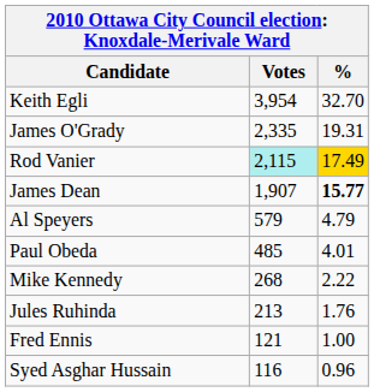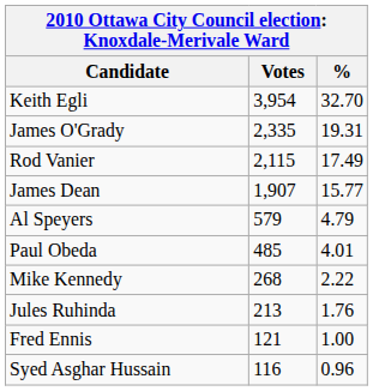 <table class="wikitable">
 <tr>
 <th colspan="3"><a href='#'>2010 Ottawa City Council election</a>: <a href='#'>Knoxdale-Merivale Ward</a></th>
 </tr>
 <tr>
 <th style="width: 200px">Candidate</th>
 <th style="width: 50px">Votes</th>
 <th style="width: 30px">%</th>
 </tr>
 <tr>
 <td>Keith Egli</td>
 <td>3,954</td>
 <td>32.70</td>
 </tr>
 <tr>
 <td>James O'Grady</td>
 <td>2,335</td>
 <td>19.31</td>
 </tr>
 <tr>
 <td>Rod Vanier</td>
-<td style="background: paleturquoise;">2,115</td>
-<td style="background: gold;">17.49</td>
+<td>2,115</td>
+<td>17.49</td>
 </tr>
 <tr>
 <td>James Dean</td>
 <td>1,907</td>
-<td><strong>15.77</strong></td>
+<td>15.77</td>
 </tr>
 <tr>
 <td>Al Speyers</td>
 <td>579</td>
 <td>4.79</td>
 </tr>
 <tr>
 <td>Paul Obeda</td>
 <td>485</td>
 <td>4.01</td>
 </tr>
 <tr>
 <td>Mike Kennedy</td>
 <td>268</td>
 <td>2.22</td>
 </tr>
 <tr>
 <td>Jules Ruhinda</td>
 <td>213</td>
 <td>1.76</td>
 </tr>
 <tr>
 <td>Fred Ennis</td>
 <td>121</td>
 <td>1.00</td>
 </tr>
 <tr>
 <td>Syed Asghar Hussain</td>
 <td>116</td>
 <td>0.96</td>
 </tr>
 </table>
